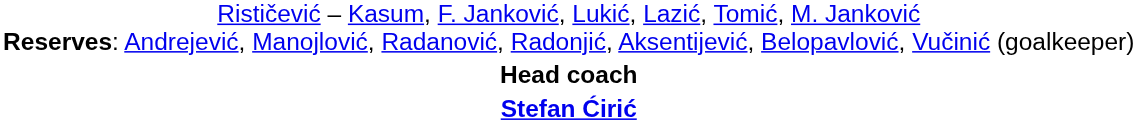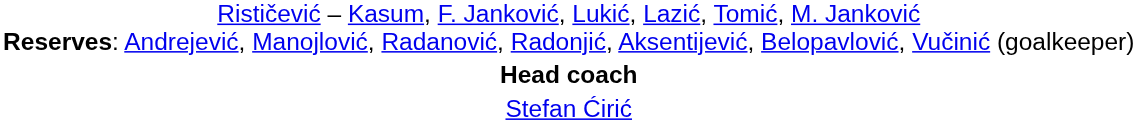 <table style="text-align: center; margin-top: 1em; margin-left: auto; margin-right: auto">
 <tr>
 <td><a href='#'>Rističević</a> – <a href='#'>Kasum</a>, <a href='#'>F. Janković</a>, <a href='#'>Lukić</a>, <a href='#'>Lazić</a>, <a href='#'>Tomić</a>, <a href='#'>M. Janković</a><br><strong>Reserves</strong>: <a href='#'>Andrejević</a>, <a href='#'>Manojlović</a>, <a href='#'>Radanović</a>, <a href='#'>Radonjić</a>, <a href='#'>Aksentijević</a>, <a href='#'>Belopavlović</a>, <a href='#'>Vučinić</a> (goalkeeper)</td>
 </tr>
 <tr>
 <td><strong>Head coach</strong></td>
 </tr>
 <tr>
-<td><strong><a href='#'>Stefan Ćirić</a></strong></td>
+<td><a href='#'>Stefan Ćirić</a></td>
 </tr>
 </table>
